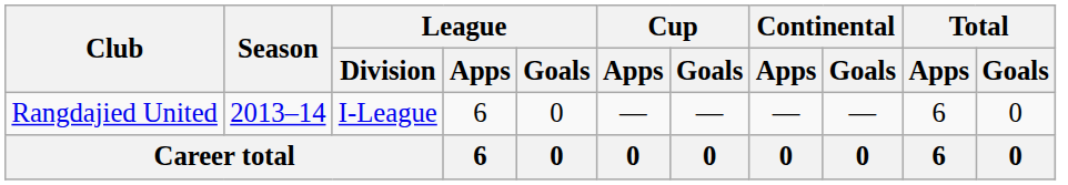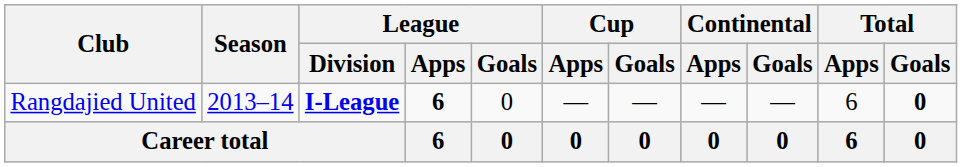 <table class=wikitable style=text-align:center>
 <tr>
 <th rowspan=2>Club</th>
 <th rowspan=2>Season</th>
 <th colspan=3>League</th>
 <th colspan=2>Cup</th>
 <th colspan=2>Continental</th>
 <th colspan=2>Total</th>
 </tr>
 <tr>
 <th>Division</th>
 <th>Apps</th>
 <th>Goals</th>
 <th>Apps</th>
 <th>Goals</th>
 <th>Apps</th>
 <th>Goals</th>
 <th>Apps</th>
 <th>Goals</th>
 </tr>
 <tr>
 <td rowspan=1><a href='#'>Rangdajied United</a></td>
 <td><a href='#'>2013–14</a></td>
-<td><a href='#'>I-League</a></td>
-<td>6</td>
+<td><strong><a href='#'>I-League</a></strong></td>
+<td><strong>6</strong></td>
 <td>0</td>
 <td>—</td>
 <td>—</td>
 <td>—</td>
 <td>—</td>
 <td>6</td>
-<td>0</td>
+<td><strong>0</strong></td>
 </tr>
 <tr>
 <th colspan=3>Career total</th>
 <th>6</th>
 <th>0</th>
 <th>0</th>
 <th>0</th>
 <th>0</th>
 <th>0</th>
 <th>6</th>
 <th>0</th>
 </tr>
 </table>
